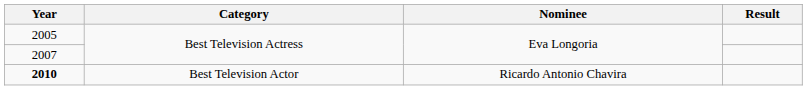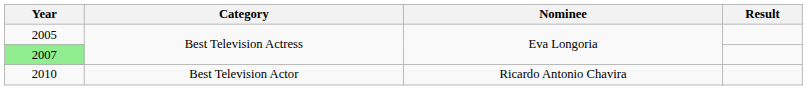 <table class="wikitable" width="80%">
 <tr>
 <th width="10%">Year</th>
 <th width="40%">Category</th>
 <th width="40%">Nominee</th>
 <th width="10%">Result</th>
 </tr>
 <tr>
 <td align="center">2005</td>
 <td rowspan="2" align="center">Best Television Actress</td>
 <td rowspan="2" align="center">Eva Longoria</td>
 <td></td>
 </tr>
 <tr>
-<td align="center">2007</td>
+<td align="center" style="background: lightgreen;">2007</td>
 <td></td>
 </tr>
 <tr>
-<td align="center"><strong>2010</strong></td>
+<td align="center">2010</td>
 <td rowspan="2" align="center">Best Television Actor</td>
 <td rowspan="2" align="center">Ricardo Antonio Chavira</td>
 <td></td>
 </tr>
 </table>
